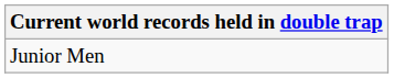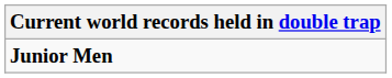 <table class="wikitable" style="font-size: 95%">
 <tr>
 <th colspan=7>Current world records held in <a href='#'>double trap</a></th>
 </tr>
 <tr>
-<td>Junior Men<br></td>
+<td><strong>Junior Men<br></strong></td>
 </tr>
 </table>
